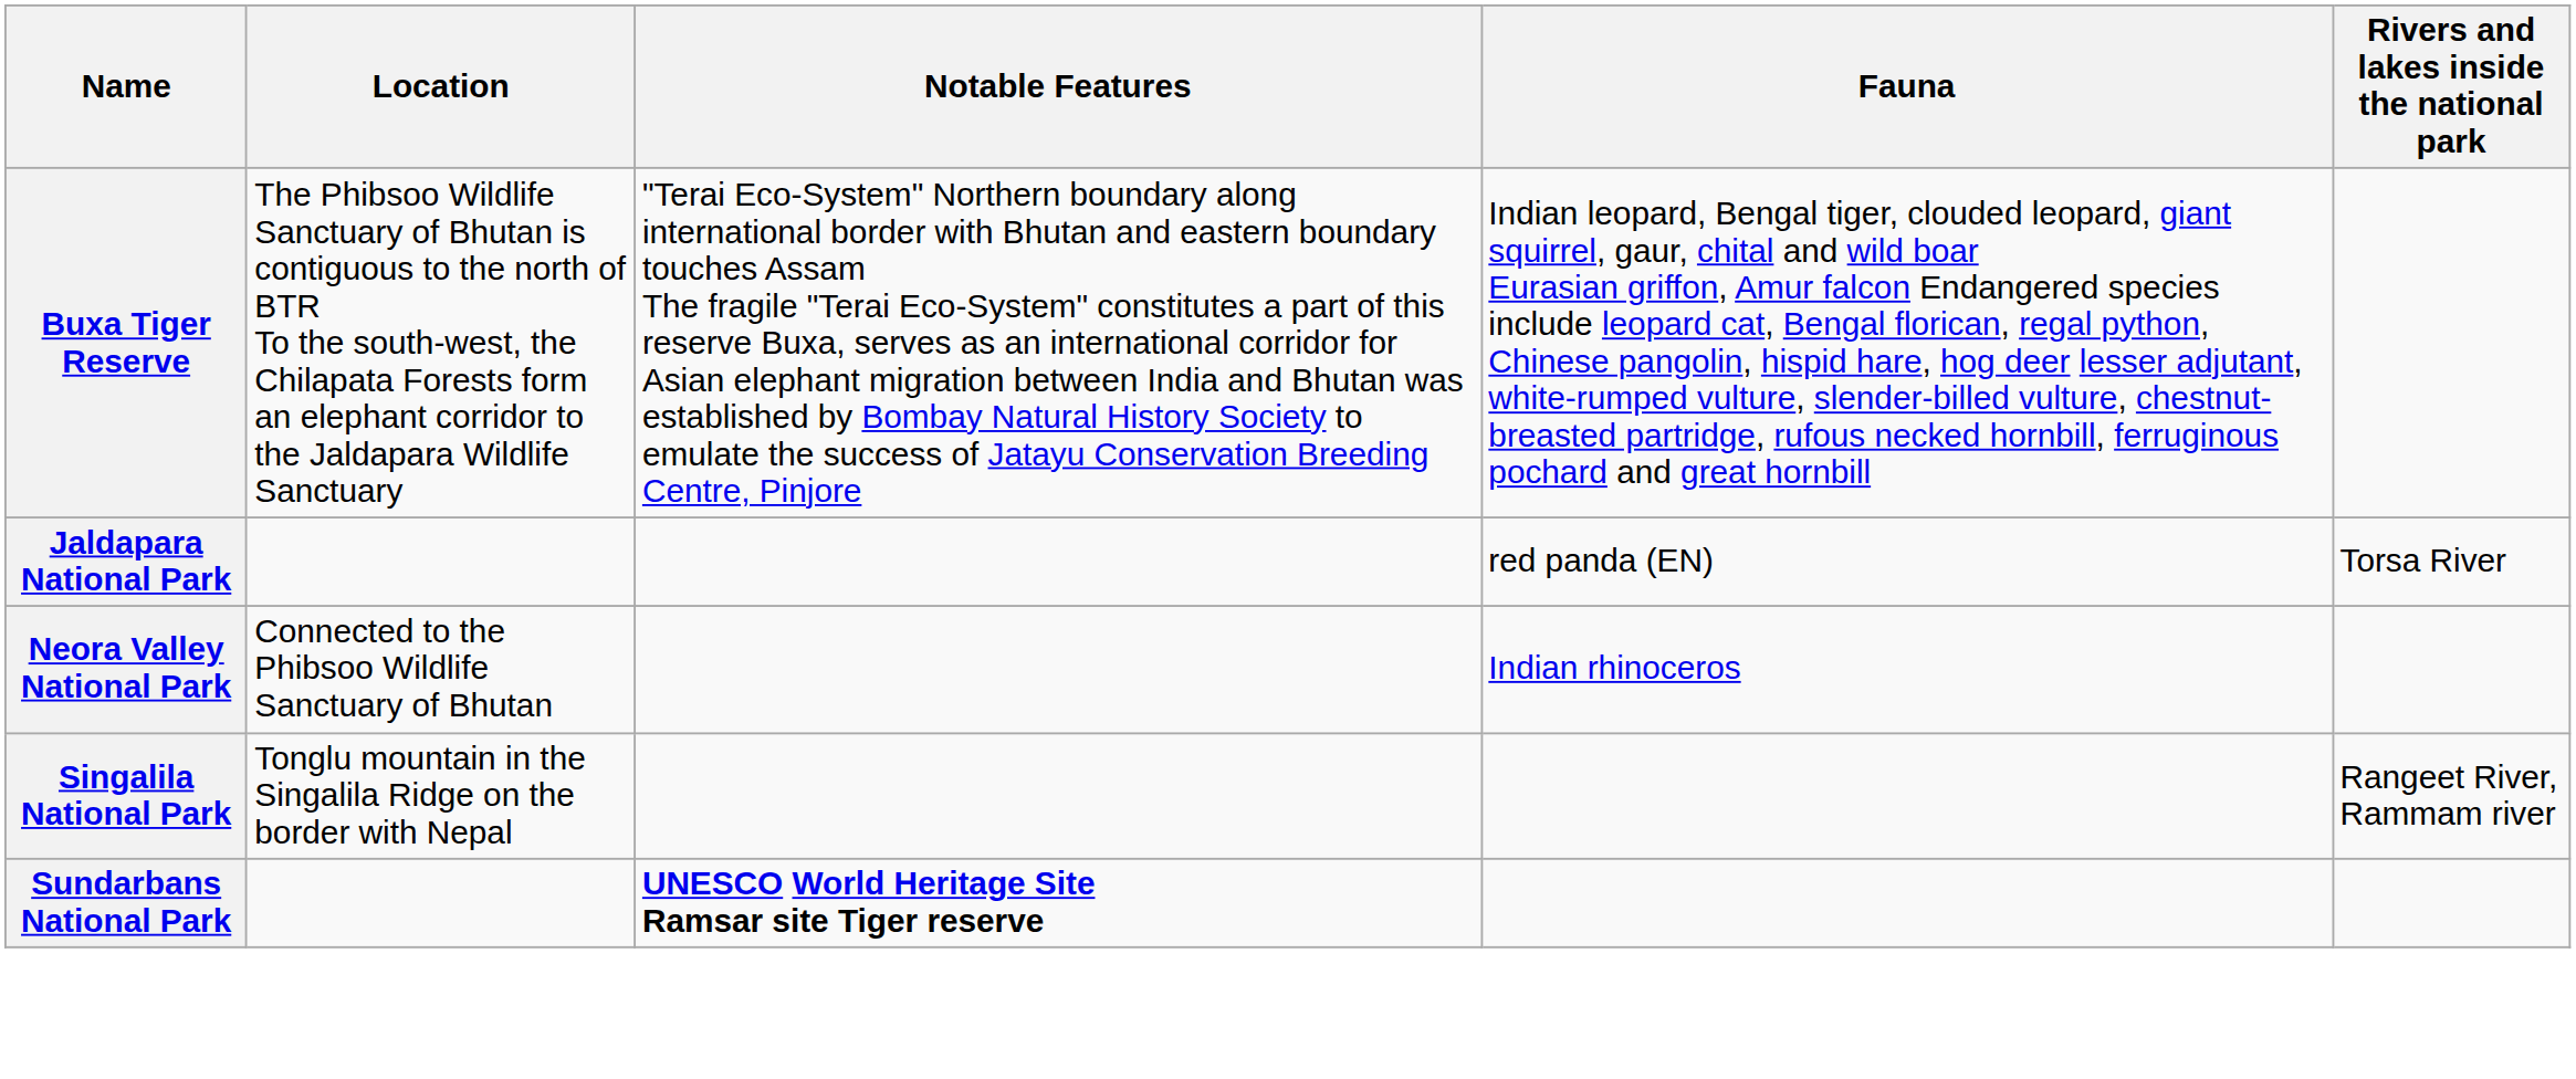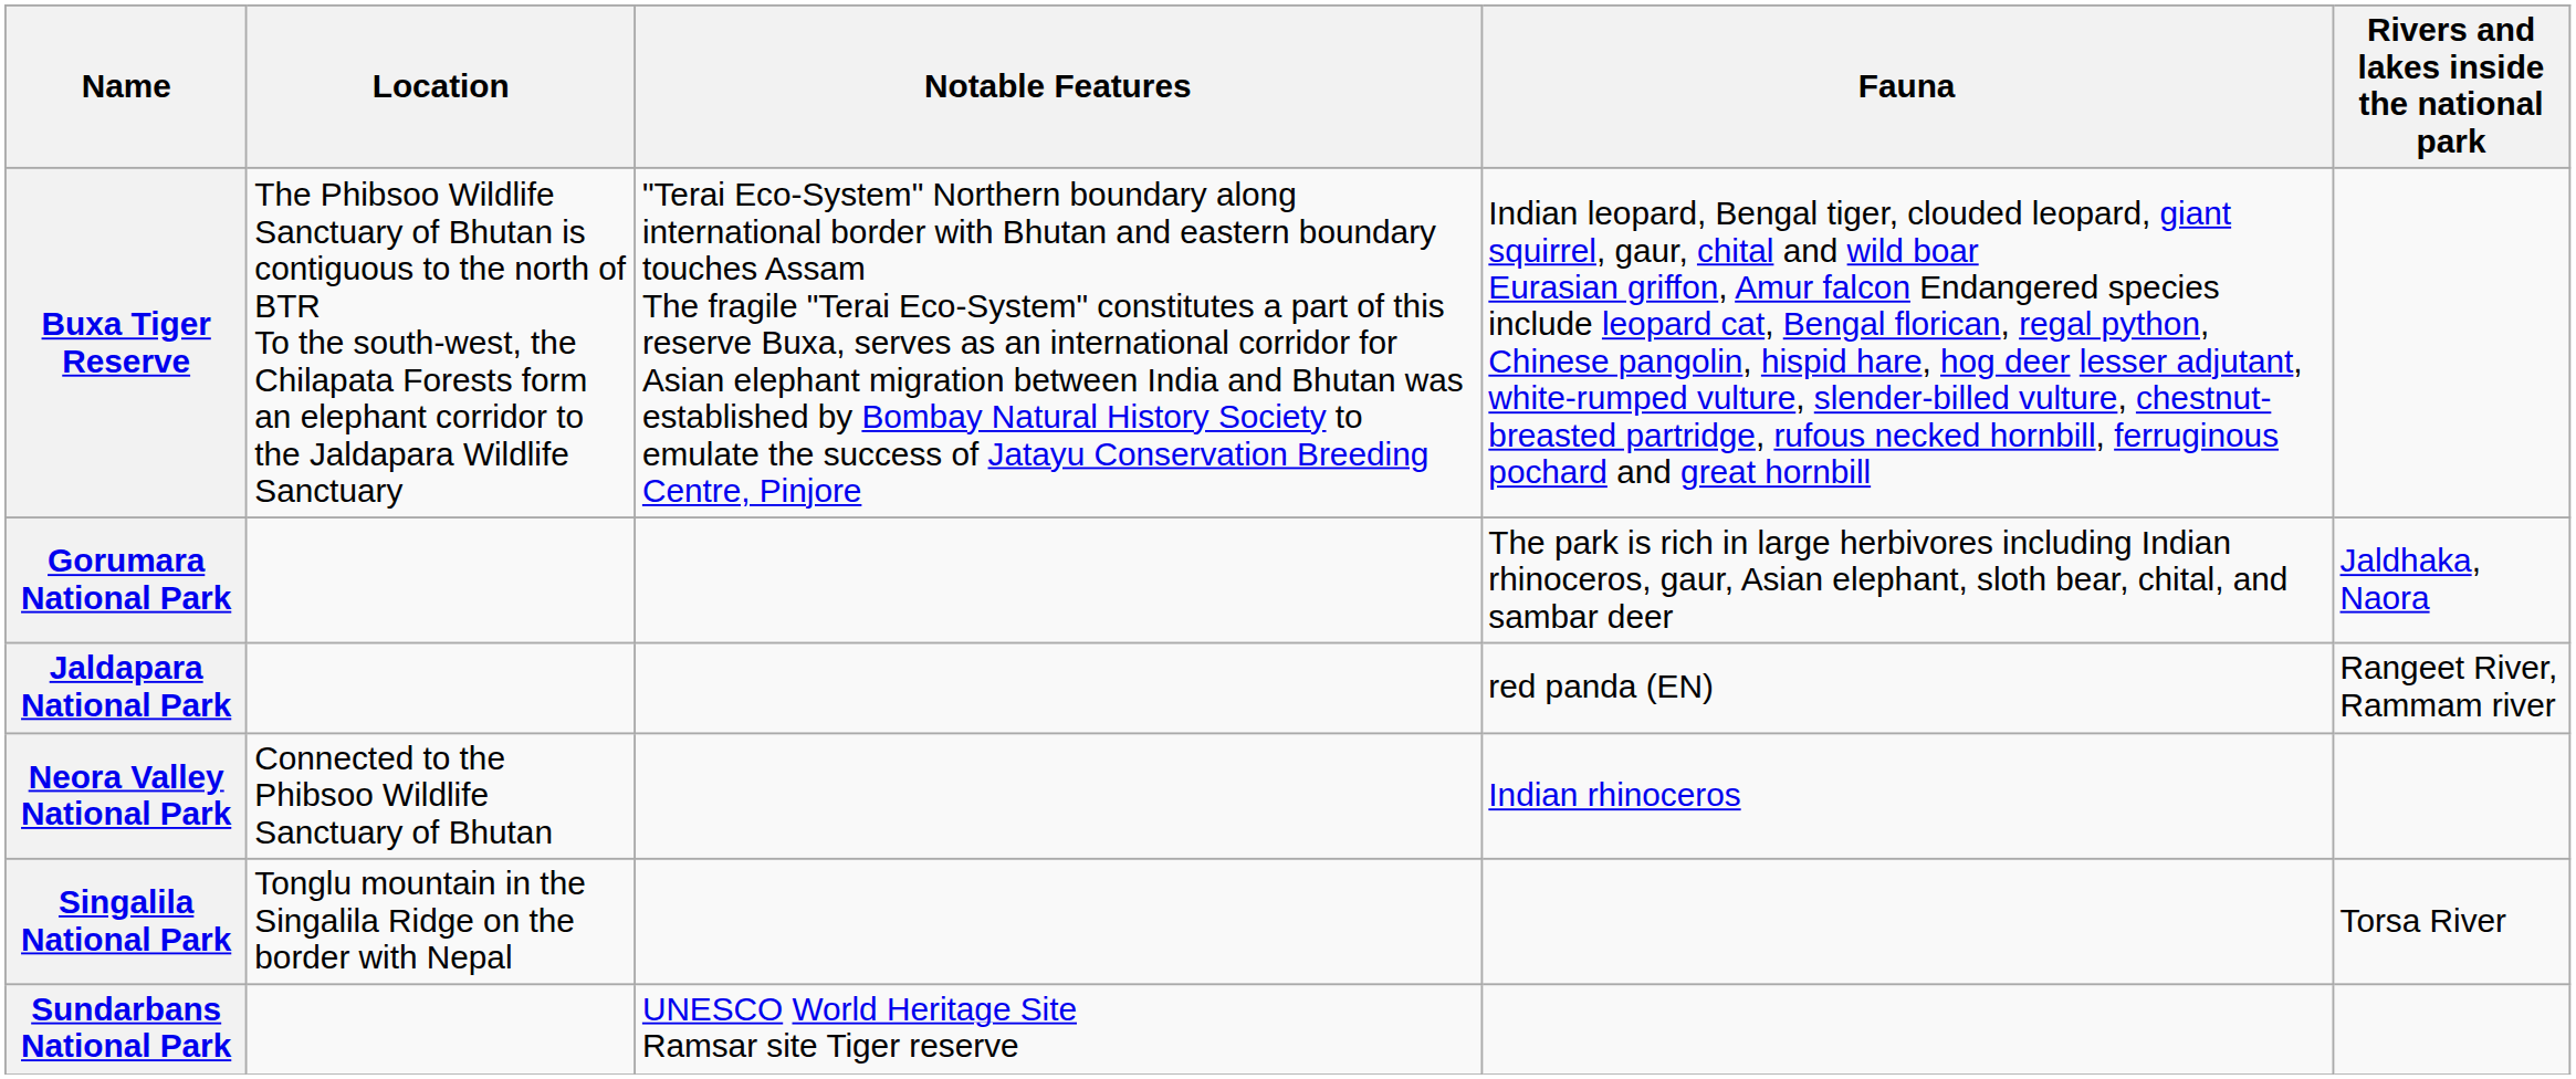 <table class="wikitable sortable">
 <tr>
 <th>Name</th>
 <th>Location</th>
 <th>Notable Features</th>
 <th>Fauna</th>
 <th>Rivers and lakes inside the national park</th>
 </tr>
 <tr>
 <th><a href='#'>Buxa Tiger Reserve</a></th>
 <td>The Phibsoo Wildlife Sanctuary of Bhutan is contiguous to the north of BTR<br>To the south-west, the Chilapata Forests form an elephant corridor to the Jaldapara Wildlife Sanctuary</td>
 <td>"Terai Eco-System" Northern boundary along international border with Bhutan and eastern boundary touches Assam<br>The fragile "Terai Eco-System" constitutes a part of this reserve Buxa, serves as an international corridor for Asian elephant migration between India and Bhutan  was established by  <a href='#'>Bombay Natural History Society</a> to emulate the success of <a href='#'>Jatayu Conservation Breeding Centre, Pinjore</a></td>
 <td>Indian leopard, Bengal tiger, clouded leopard, <a href='#'>giant squirrel</a>, gaur, <a href='#'>chital</a> and <a href='#'>wild boar</a><br><a href='#'>Eurasian griffon</a>, <a href='#'>Amur falcon</a> Endangered species include <a href='#'>leopard cat</a>, <a href='#'>Bengal florican</a>, <a href='#'>regal python</a>, <a href='#'>Chinese pangolin</a>, <a href='#'>hispid hare</a>, <a href='#'>hog deer</a> <a href='#'>lesser adjutant</a>, <a href='#'>white-rumped vulture</a>, <a href='#'>slender-billed vulture</a>, <a href='#'>chestnut-breasted partridge</a>, <a href='#'>rufous necked hornbill</a>, <a href='#'>ferruginous pochard</a> and <a href='#'>great hornbill</a></td>
 <td></td>
 </tr>
 <tr>
+<th><a href='#'>Gorumara National Park</a></th>
+<td></td>
+<td></td>
+<td>The park is rich in large herbivores including Indian rhinoceros, gaur, Asian elephant, sloth bear, chital, and sambar deer</td>
+<td><a href='#'>Jaldhaka</a>, <a href='#'>Naora</a></td>
+</tr>
+<tr>
 <th><a href='#'>Jaldapara National Park</a></th>
 <td></td>
 <td></td>
 <td>red panda (EN)</td>
-<td>Torsa River</td>
+<td>Rangeet River, Rammam river</td>
 </tr>
 <tr>
 <th><a href='#'>Neora Valley National Park</a></th>
 <td>Connected to the Phibsoo Wildlife Sanctuary of Bhutan</td>
 <td></td>
 <td><a href='#'>Indian rhinoceros</a></td>
 </tr>
 <tr>
 <th><a href='#'>Singalila National Park</a></th>
 <td>Tonglu mountain in the Singalila Ridge on the border with Nepal</td>
 <td></td>
 <td></td>
-<td>Rangeet River, Rammam river</td>
+<td>Torsa River</td>
 </tr>
 <tr>
 <th><a href='#'>Sundarbans National Park</a></th>
 <td></td>
-<td><strong><a href='#'>UNESCO</a> <a href='#'>World Heritage Site</a><br>Ramsar site Tiger reserve</strong></td>
+<td><a href='#'>UNESCO</a> <a href='#'>World Heritage Site</a><br>Ramsar site Tiger reserve</td>
 <td></td>
 </tr>
 </table>
